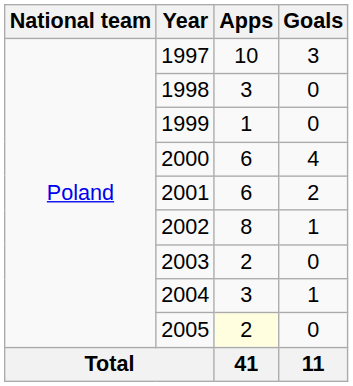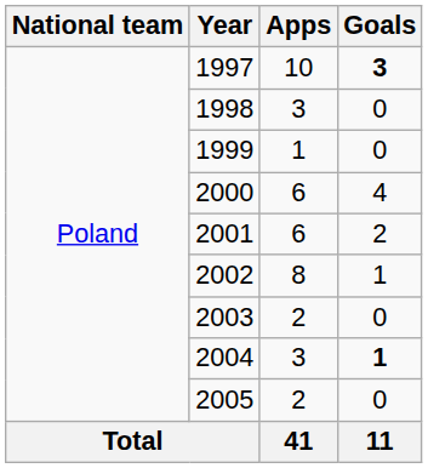 <table class="wikitable" style="text-align:center">
 <tr>
 <th>National team</th>
 <th>Year</th>
 <th>Apps</th>
 <th>Goals</th>
 </tr>
 <tr>
 <td rowspan="9"><a href='#'>Poland</a></td>
 <td>1997</td>
 <td>10</td>
-<td>3</td>
+<td><strong>3</strong></td>
 </tr>
 <tr>
 <td>1998</td>
 <td>3</td>
 <td>0</td>
 </tr>
 <tr>
 <td>1999</td>
 <td>1</td>
 <td>0</td>
 </tr>
 <tr>
 <td>2000</td>
 <td>6</td>
 <td>4</td>
 </tr>
 <tr>
 <td>2001</td>
 <td>6</td>
 <td>2</td>
 </tr>
 <tr>
 <td>2002</td>
 <td>8</td>
 <td>1</td>
 </tr>
 <tr>
 <td>2003</td>
 <td>2</td>
 <td>0</td>
 </tr>
 <tr>
 <td>2004</td>
 <td>3</td>
-<td>1</td>
+<td><strong>1</strong></td>
 </tr>
 <tr>
 <td>2005</td>
-<td style="background: lightyellow;">2</td>
+<td>2</td>
 <td>0</td>
 </tr>
 <tr>
 <th colspan="2">Total</th>
 <th>41</th>
 <th>11</th>
 </tr>
 </table>
